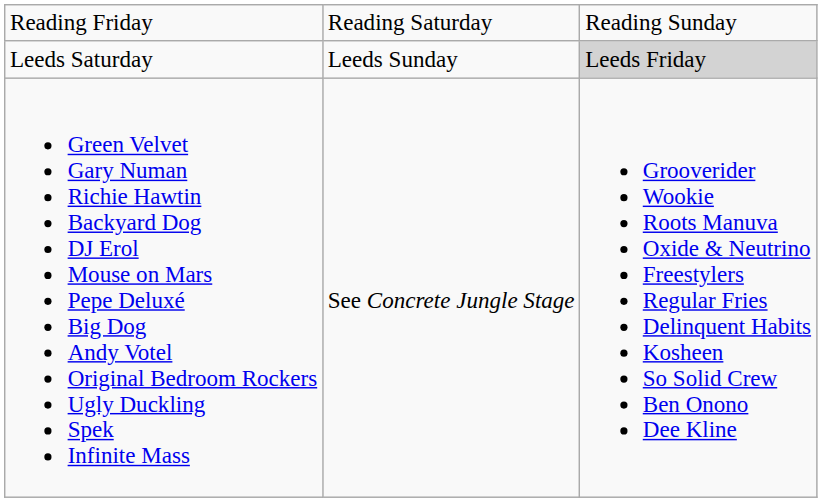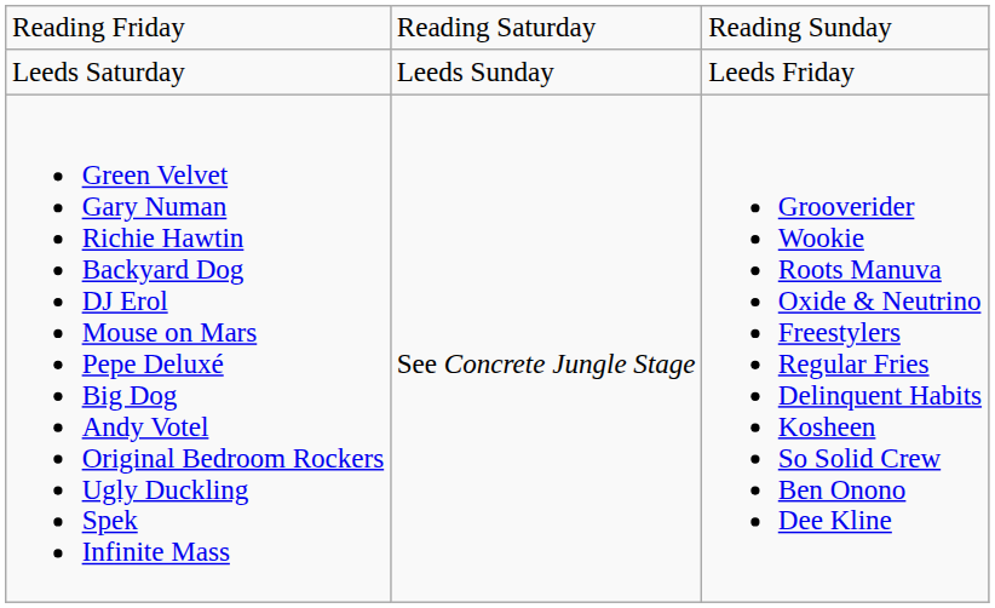 <table class="wikitable">
 <tr>
 <td>Reading Friday</td>
 <td>Reading Saturday</td>
 <td>Reading Sunday</td>
 </tr>
 <tr>
 <td>Leeds Saturday</td>
 <td>Leeds Sunday</td>
-<td style="background: lightgrey;">Leeds Friday</td>
+<td>Leeds Friday</td>
 </tr>
 <tr>
 <td><br><ul><li><a href='#'>Green Velvet</a></li><li><a href='#'>Gary Numan</a></li><li><a href='#'>Richie Hawtin</a></li><li><a href='#'>Backyard Dog</a></li><li><a href='#'>DJ Erol</a></li><li><a href='#'>Mouse on Mars</a></li><li><a href='#'>Pepe Deluxé</a></li><li><a href='#'>Big Dog</a></li><li><a href='#'>Andy Votel</a></li><li><a href='#'>Original Bedroom Rockers</a></li><li><a href='#'>Ugly Duckling</a></li><li><a href='#'>Spek</a></li><li><a href='#'>Infinite Mass</a></li></ul></td>
 <td><br>See <em>Concrete Jungle Stage</em></td>
 <td><br><ul><li><a href='#'>Grooverider</a></li><li><a href='#'>Wookie</a></li><li><a href='#'>Roots Manuva</a></li><li><a href='#'>Oxide & Neutrino</a></li><li><a href='#'>Freestylers</a></li><li><a href='#'>Regular Fries</a></li><li><a href='#'>Delinquent Habits</a></li><li><a href='#'>Kosheen</a></li><li><a href='#'>So Solid Crew</a></li><li><a href='#'>Ben Onono</a></li><li><a href='#'>Dee Kline</a></li></ul></td>
 </tr>
 </table>
